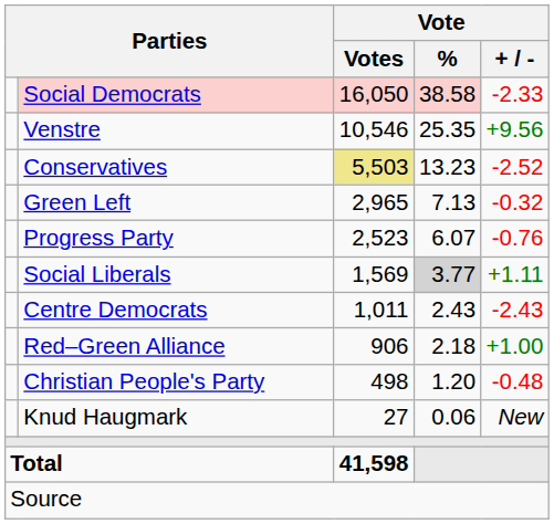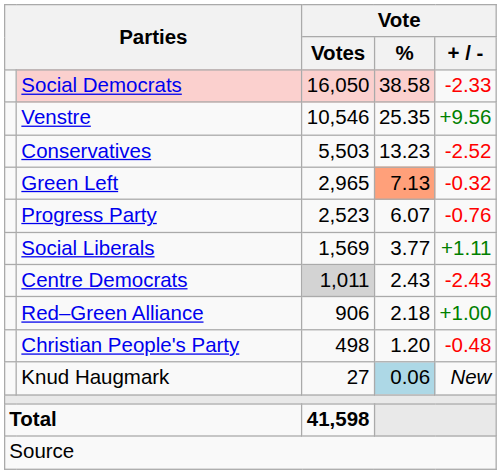 <table class="wikitable" style="text-align:right;">
 <tr>
 <th style="text-align:centre;" rowspan="2" colspan="2" width="225">Parties</th>
 <th colspan="3">Vote</th>
 </tr>
 <tr>
 <th width="15">Votes</th>
 <th width="15">%</th>
 <th width="15">+ / -</th>
 </tr>
 <tr>
 <td width="2" style="color:inherit;background:"></td>
 <td bgcolor=#fbd0ce  align="left"><a href='#'>Social Democrats</a></td>
 <td bgcolor=#fbd0ce>16,050</td>
 <td bgcolor=#fbd0ce>38.58</td>
 <td style=color:red;>-2.33</td>
 </tr>
 <tr>
 <td width="2" style="color:inherit;background:"></td>
 <td align="left"><a href='#'>Venstre</a></td>
 <td>10,546</td>
 <td>25.35</td>
 <td style=color:green;>+9.56</td>
 </tr>
 <tr>
 <td width="2" style="color:inherit;background:"></td>
 <td align="left"><a href='#'>Conservatives</a></td>
-<td style="background: khaki;">5,503</td>
+<td>5,503</td>
 <td>13.23</td>
 <td style=color:red;>-2.52</td>
 </tr>
 <tr>
 <td width="2" style="color:inherit;background:"></td>
 <td align="left"><a href='#'>Green Left</a></td>
 <td>2,965</td>
-<td>7.13</td>
+<td style="background: lightsalmon;">7.13</td>
 <td style=color:red;>-0.32</td>
 </tr>
 <tr>
 <td width="2" style="color:inherit;background:"></td>
 <td align="left"><a href='#'>Progress Party</a></td>
 <td>2,523</td>
 <td>6.07</td>
 <td style=color:red;>-0.76</td>
 </tr>
 <tr>
 <td width="2" style="color:inherit;background:"></td>
 <td align="left"><a href='#'>Social Liberals</a></td>
 <td>1,569</td>
-<td style="background: lightgrey;">3.77</td>
+<td>3.77</td>
 <td style=color:green;>+1.11</td>
 </tr>
 <tr>
 <td width="2" style="color:inherit;background:"></td>
 <td align="left"><a href='#'>Centre Democrats</a></td>
-<td>1,011</td>
+<td style="background: lightgrey;">1,011</td>
 <td>2.43</td>
 <td style=color:red;>-2.43</td>
 </tr>
 <tr>
 <td width="2" style="color:inherit;background:"></td>
 <td align="left"><a href='#'>Red–Green Alliance</a></td>
 <td>906</td>
 <td>2.18</td>
 <td style=color:green;>+1.00</td>
 </tr>
 <tr>
 <td width="2" style="color:inherit;background:"></td>
 <td align="left"><a href='#'>Christian People's Party</a></td>
 <td>498</td>
 <td>1.20</td>
 <td style=color:red;>-0.48</td>
 </tr>
 <tr>
 <td width="2" style="color:inherit;background:"></td>
 <td align="left">Knud Haugmark</td>
 <td>27</td>
-<td>0.06</td>
+<td style="background: lightblue;">0.06</td>
 <td><em>New</em></td>
 </tr>
 <tr>
 <td colspan="7" bgcolor="#E9E9E9"></td>
 </tr>
 <tr>
 <td align="left" colspan="2"><strong>Total</strong></td>
 <td><strong>41,598</strong></td>
 <td bgcolor="#E9E9E9" colspan="2"></td>
 </tr>
 <tr>
 <td align="left" colspan="6">Source</td>
 </tr>
 </table>
